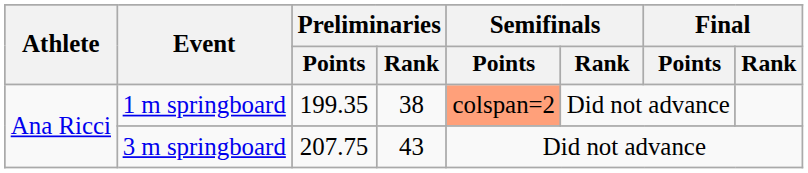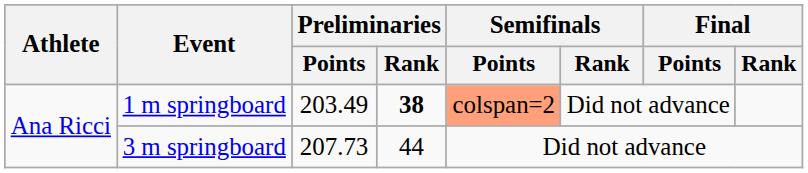 <table class="wikitable" style="text-align:center; font-size:90%; ">
 <tr>
 <th rowspan=2>Athlete</th>
 <th rowspan=2>Event</th>
 <th colspan=2>Preliminaries</th>
 <th colspan=2>Semifinals</th>
 <th colspan=2>Final</th>
 </tr>
 <tr style="font-size:95%">
 <th>Points</th>
 <th>Rank</th>
 <th>Points</th>
 <th>Rank</th>
 <th>Points</th>
 <th>Rank</th>
 </tr>
 <tr>
 <td align=left rowspan=2><a href='#'>Ana Ricci</a></td>
 <td align=left><a href='#'>1 m springboard</a></td>
-<td>199.35</td>
-<td>38</td>
+<td>203.49</td>
+<td><strong>38</strong></td>
 <td style="background: lightsalmon;">colspan=2 </td>
 <td colspan=2>Did not advance</td>
 </tr>
 <tr>
 <td align=left><a href='#'>3 m springboard</a></td>
-<td>207.75</td>
-<td>43</td>
+<td>207.73</td>
+<td>44</td>
 <td colspan=4>Did not advance</td>
 </tr>
 </table>
